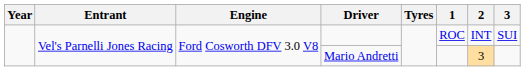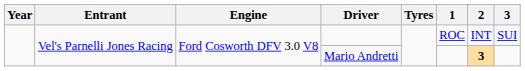 <table class="wikitable" style="text-align:center; font-size:95%">
 <tr>
 <th>Year</th>
 <th>Entrant</th>
 <th>Engine</th>
 <th>Driver</th>
 <th>Tyres</th>
 <th>1</th>
 <th>2</th>
 <th>3</th>
 </tr>
 <tr>
 <td rowspan="3"></td>
 <td rowspan="3"><a href='#'>Vel's Parnelli Jones Racing</a></td>
 <td rowspan="3"><a href='#'>Ford</a> <a href='#'>Cosworth DFV</a> 3.0 <a href='#'>V8</a></td>
 <td></td>
 <td rowspan="3"></td>
 <td><a href='#'>ROC</a></td>
 <td><a href='#'>INT</a></td>
 <td><a href='#'>SUI</a></td>
 </tr>
 <tr>
 <td align="left"><a href='#'>Mario Andretti</a></td>
 <td></td>
-<td style="background:#ffdf9f;">3</td>
+<td style="background:#ffdf9f;"><strong>3</strong></td>
 <td></td>
 </tr>
 </table>
